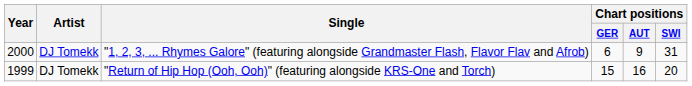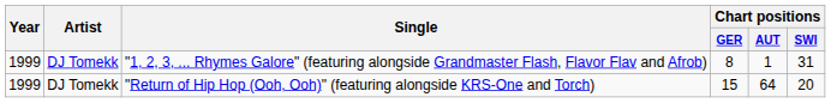 <table class="wikitable">
 <tr>
 <th rowspan="2">Year</th>
 <th rowspan="2">Artist</th>
 <th rowspan="2">Single</th>
 <th colspan="3">Chart positions</th>
 </tr>
 <tr>
 <th style="width:35px;"><small><a href='#'>GER</a></small></th>
 <th style="width:35px;"><small><a href='#'>AUT</a></small></th>
 <th style="width:35px;"><small><a href='#'>SWI</a></small></th>
 </tr>
 <tr>
-<td>2000</td>
+<td>1999</td>
 <td><a href='#'>DJ Tomekk</a></td>
 <td>"<a href='#'>1, 2, 3, ... Rhymes Galore</a>" (featuring alongside <a href='#'>Grandmaster Flash</a>, <a href='#'>Flavor Flav</a> and <a href='#'>Afrob</a>)</td>
-<td style="text-align:center;">6</td>
-<td style="text-align:center;">9</td>
+<td style="text-align:center;">8</td>
+<td style="text-align:center;">1</td>
 <td style="text-align:center;">31</td>
 </tr>
 <tr>
 <td>1999</td>
 <td>DJ Tomekk</td>
 <td>"<a href='#'>Return of Hip Hop (Ooh, Ooh)</a>" (featuring alongside <a href='#'>KRS-One</a> and <a href='#'>Torch</a>)</td>
 <td style="text-align:center;">15</td>
-<td style="text-align:center;">16</td>
+<td style="text-align:center;">64</td>
 <td style="text-align:center;">20</td>
 </tr>
 </table>
